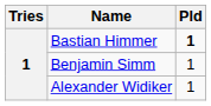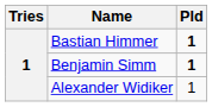 <table class="wikitable">
 <tr>
 <th>Tries</th>
 <th>Name</th>
 <th>Pld</th>
 </tr>
 <tr>
 <th rowspan=3>1</th>
 <td><a href='#'>Bastian Himmer</a></td>
 <td align="center"><strong>1</strong></td>
 </tr>
 <tr>
 <td><a href='#'>Benjamin Simm</a></td>
-<td align="center">1</td>
+<td align="center"><strong>1</strong></td>
 </tr>
 <tr>
 <td><a href='#'>Alexander Widiker</a></td>
 <td align="center">1</td>
 </tr>
 </table>
